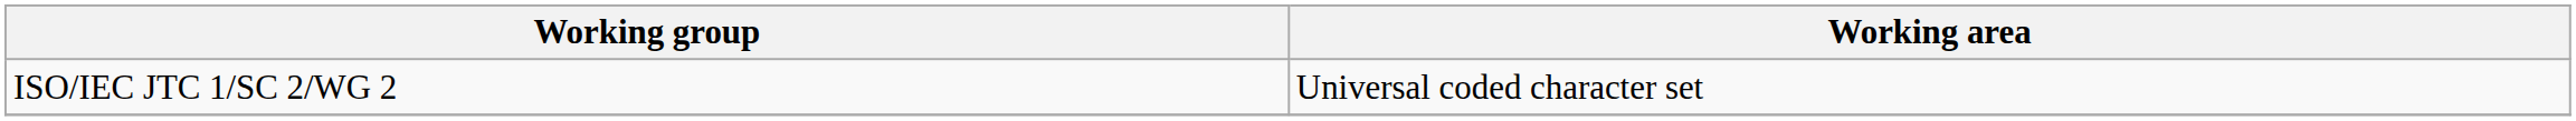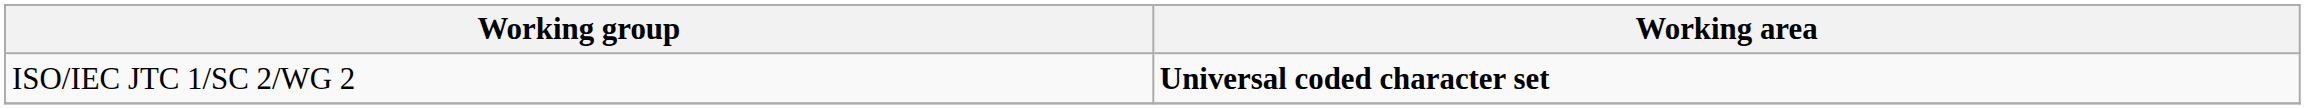 <table class="wikitable" width="60%">
 <tr>
 <th width="30%">Working group</th>
 <th width="30%">Working area</th>
 </tr>
 <tr>
 <td>ISO/IEC JTC 1/SC 2/WG 2</td>
-<td>Universal coded character set</td>
+<td><strong>Universal coded character set</strong></td>
 </tr>
 <tr>
 </tr>
 </table>
